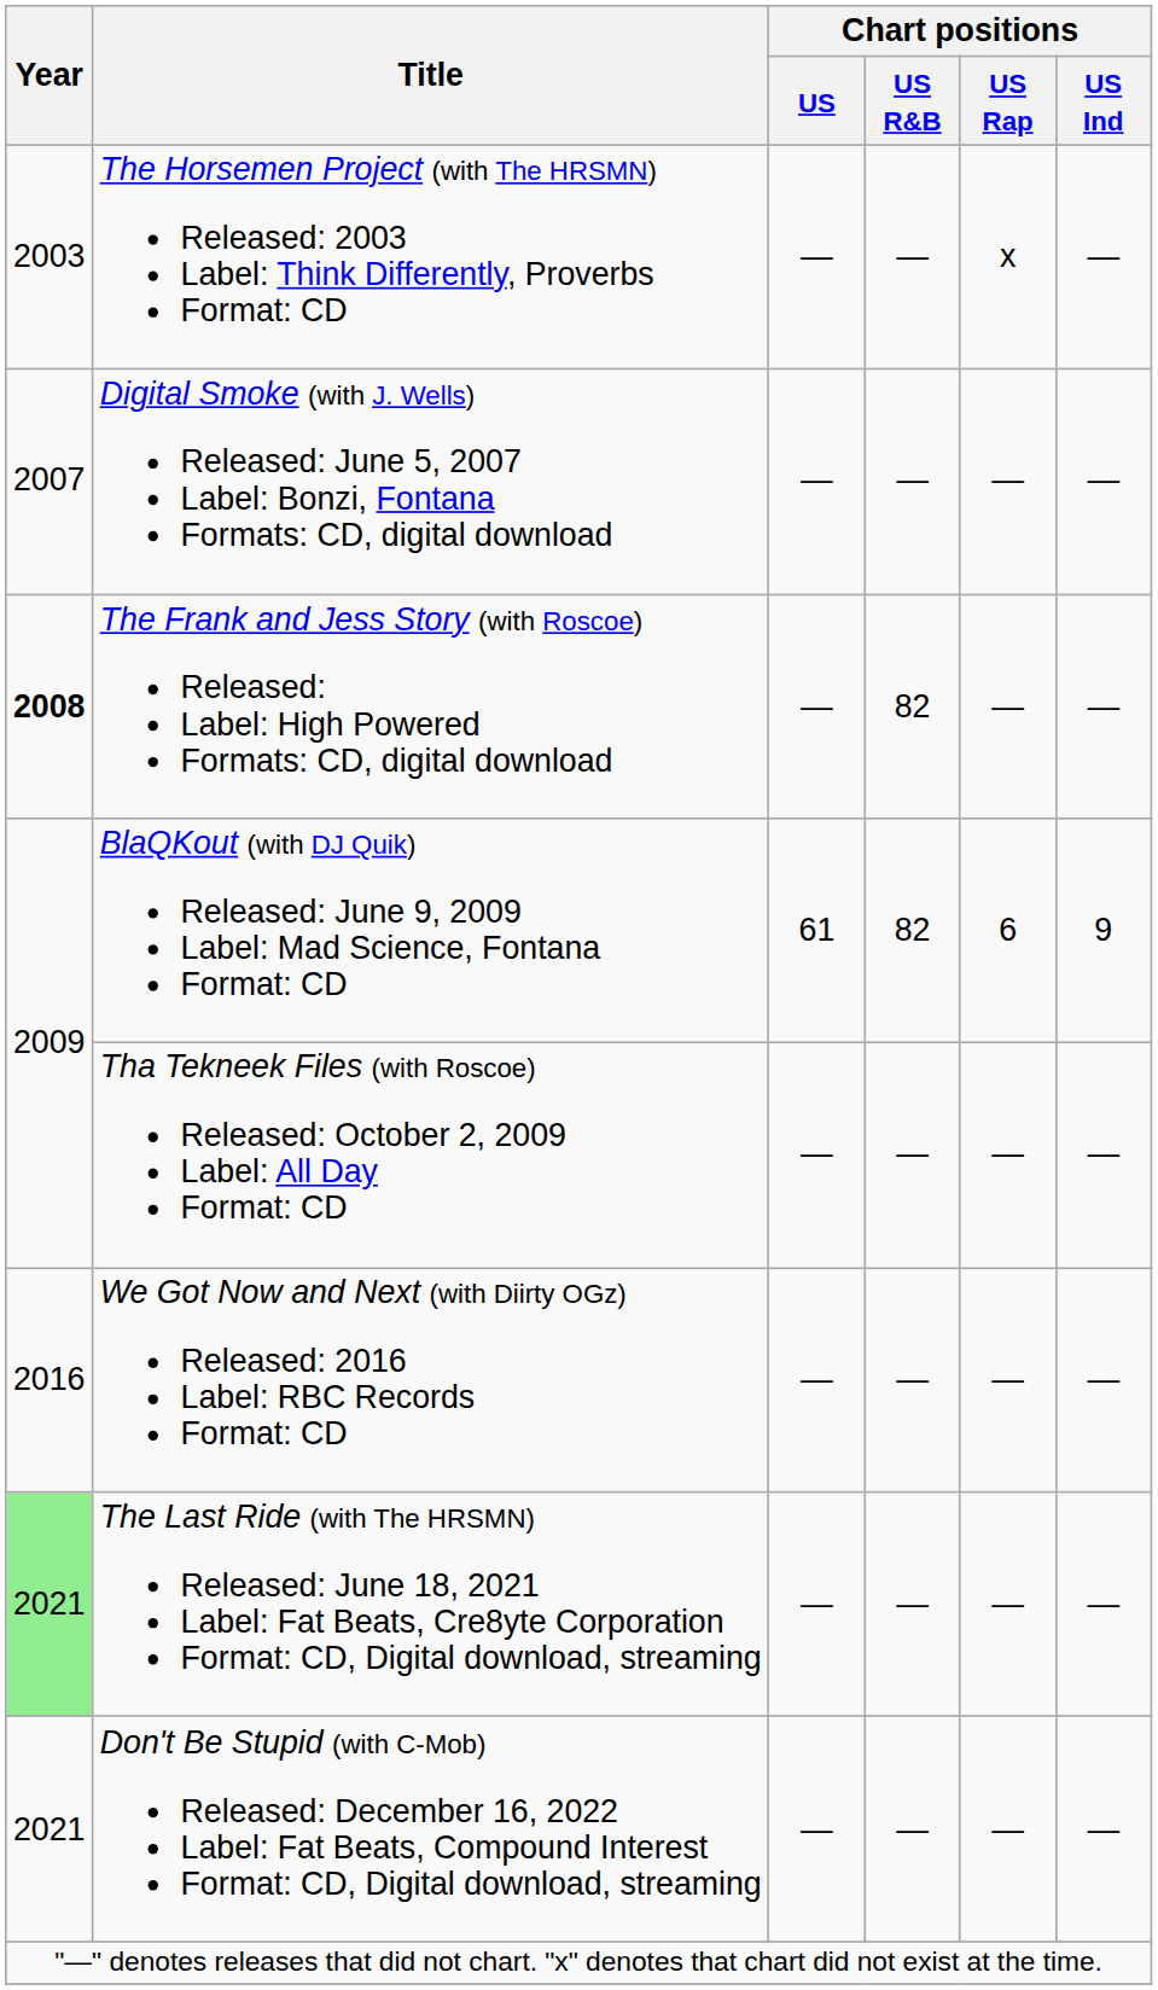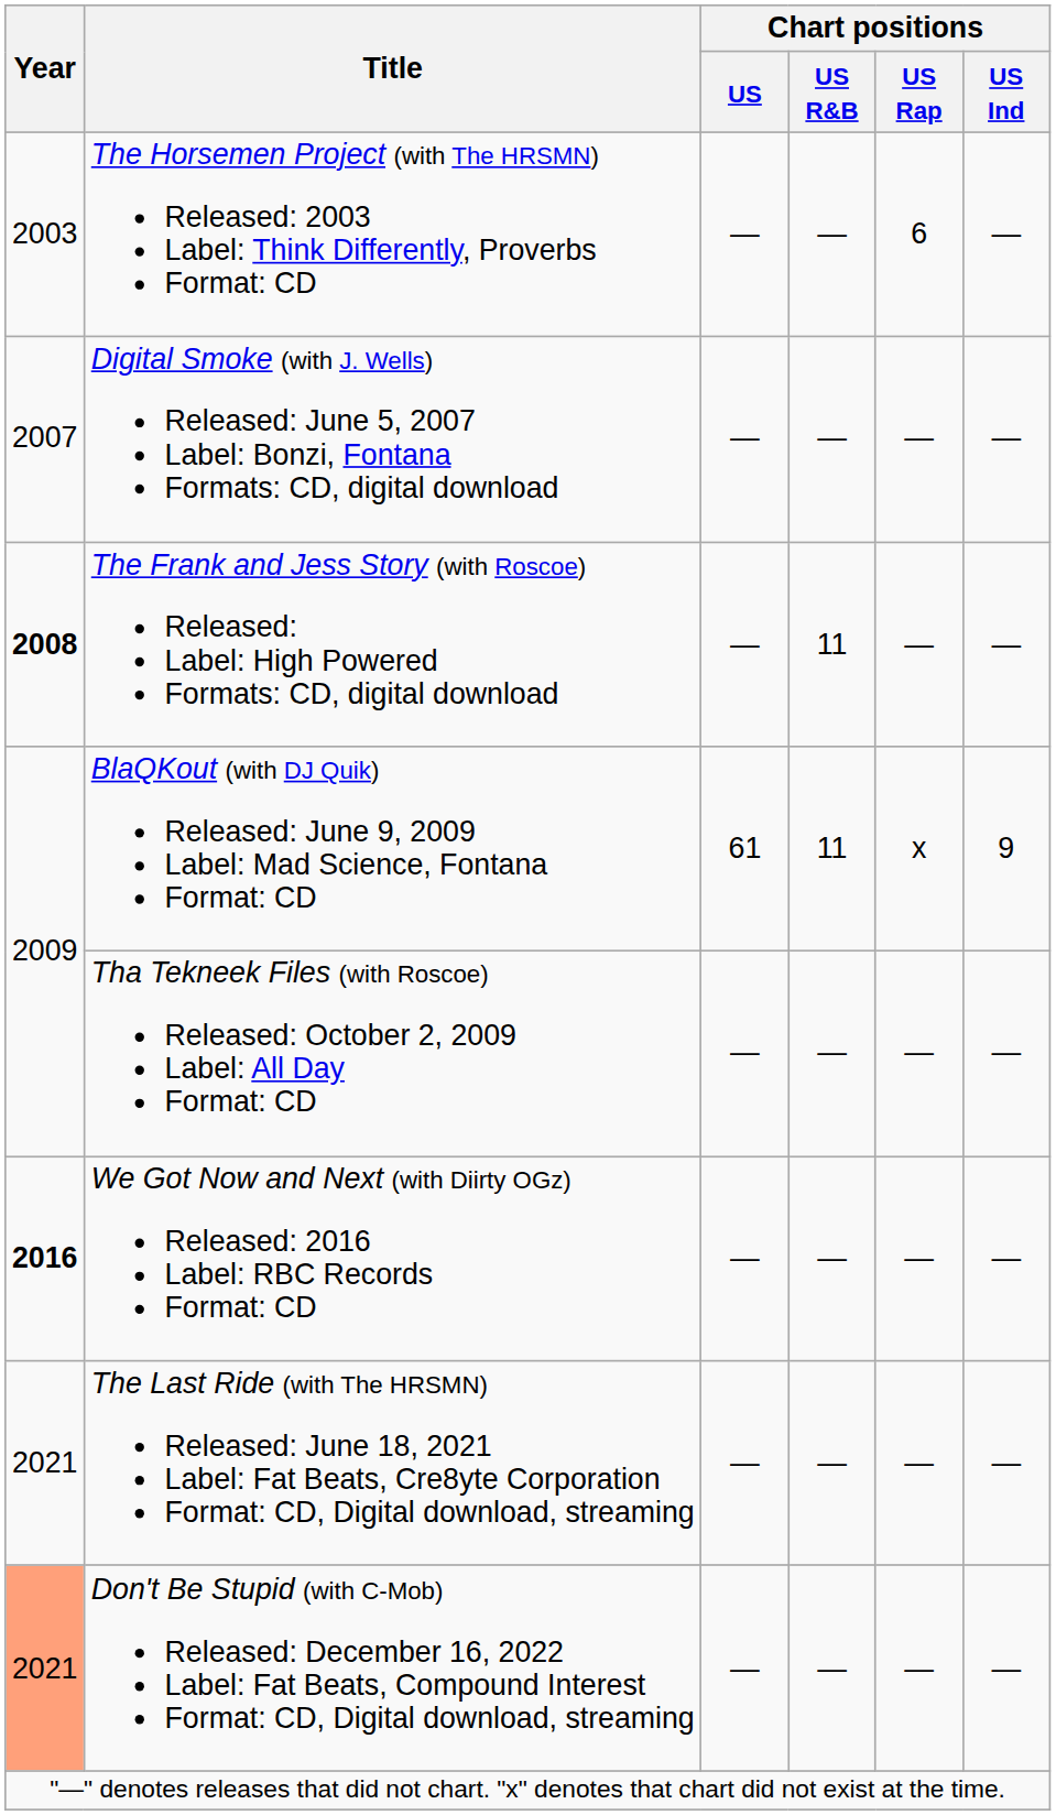 <table class="wikitable">
 <tr>
 <th rowspan="2">Year</th>
 <th rowspan="2">Title</th>
 <th colspan="4">Chart positions<br></th>
 </tr>
 <tr>
 <th width="40"><small><a href='#'>US</a></small></th>
 <th width="40"><small><a href='#'>US R&B</a></small></th>
 <th width="40"><small><a href='#'>US Rap</a></small></th>
 <th width="40"><small><a href='#'>US Ind</a></small></th>
 </tr>
 <tr>
 <td>2003</td>
 <td><em><a href='#'>The Horsemen Project</a></em> <small>(with <a href='#'>The HRSMN</a>)</small><br><ul><li>Released: 2003</li><li>Label: <a href='#'>Think Differently</a>, Proverbs</li><li>Format: CD</li></ul></td>
 <td style="text-align:center;">—</td>
 <td style="text-align:center;">—</td>
-<td style="text-align:center;">x</td>
+<td style="text-align:center;">6</td>
 <td style="text-align:center;">—</td>
 </tr>
 <tr>
 <td>2007</td>
 <td><em><a href='#'>Digital Smoke</a></em> <small>(with <a href='#'>J. Wells</a>)</small><br><ul><li>Released: June 5, 2007</li><li>Label: Bonzi, <a href='#'>Fontana</a></li><li>Formats: CD, digital download</li></ul></td>
 <td style="text-align:center;">—</td>
 <td style="text-align:center;">—</td>
 <td style="text-align:center;">—</td>
 <td style="text-align:center;">—</td>
 </tr>
 <tr>
 <td><strong>2008</strong></td>
 <td><em><a href='#'>The Frank and Jess Story</a></em> <small>(with <a href='#'>Roscoe</a>)</small><br><ul><li>Released:</li><li>Label: High Powered</li><li>Formats: CD, digital download</li></ul></td>
 <td style="text-align:center;">—</td>
-<td style="text-align:center;">82</td>
+<td style="text-align:center;">11</td>
 <td style="text-align:center;">—</td>
 <td style="text-align:center;">—</td>
 </tr>
 <tr>
 <td rowspan="2">2009</td>
 <td><em><a href='#'>BlaQKout</a></em> <small>(with <a href='#'>DJ Quik</a>)</small><br><ul><li>Released: June 9, 2009</li><li>Label: Mad Science, Fontana</li><li>Format: CD</li></ul></td>
 <td style="text-align:center;">61</td>
-<td style="text-align:center;">82</td>
-<td style="text-align:center;">6</td>
+<td style="text-align:center;">11</td>
+<td style="text-align:center;">x</td>
 <td style="text-align:center;">9</td>
 </tr>
 <tr>
 <td><em>Tha Tekneek Files</em> <small>(with Roscoe)</small><br><ul><li>Released: October 2, 2009</li><li>Label: <a href='#'>All Day</a></li><li>Format: CD</li></ul></td>
 <td style="text-align:center;">—</td>
 <td style="text-align:center;">—</td>
 <td style="text-align:center;">—</td>
 <td style="text-align:center;">—</td>
 </tr>
 <tr>
-<td>2016</td>
+<td><strong>2016</strong></td>
 <td><em>We Got Now and Next</em> <small>(with Diirty OGz)</small><br><ul><li>Released: 2016</li><li>Label: RBC Records</li><li>Format: CD</li></ul></td>
 <td style="text-align:center;">—</td>
 <td style="text-align:center;">—</td>
 <td style="text-align:center;">—</td>
 <td style="text-align:center;">—</td>
 </tr>
 <tr>
-<td style="background: lightgreen;">2021</td>
+<td>2021</td>
 <td><em>The Last Ride</em> <small>(with The HRSMN)</small><br><ul><li>Released: June 18, 2021</li><li>Label: Fat Beats, Cre8yte Corporation</li><li>Format: CD, Digital download, streaming</li></ul></td>
 <td style="text-align:center;">—</td>
 <td style="text-align:center;">—</td>
 <td style="text-align:center;">—</td>
 <td style="text-align:center;">—</td>
 </tr>
 <tr>
-<td>2021</td>
+<td style="background: lightsalmon;">2021</td>
 <td><em>Don't Be Stupid</em> <small>(with C-Mob)</small><br><ul><li>Released: December 16, 2022</li><li>Label: Fat Beats, Compound Interest</li><li>Format: CD, Digital download, streaming</li></ul></td>
 <td style="text-align:center;">—</td>
 <td style="text-align:center;">—</td>
 <td style="text-align:center;">—</td>
 <td style="text-align:center;">—</td>
 </tr>
 <tr>
 <td colspan="8"  style="text-align:center; font-size:85%;">"—" denotes releases that did not chart. "x" denotes that chart did not exist at the time.</td>
 </tr>
 </table>
